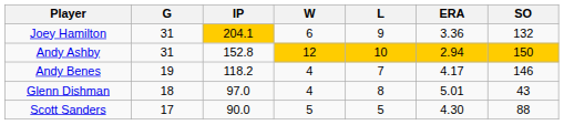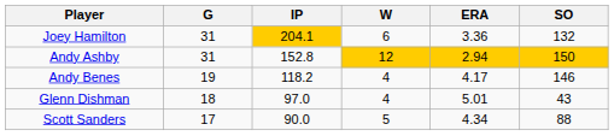 <table class="wikitable sortable">
 <tr>
 <th bgcolor="#DDDDFF" width="16%">Player</th>
 <th bgcolor="#DDDDFF" width="9%">G</th>
 <th bgcolor="#DDDDFF" width="9%">IP</th>
 <th bgcolor="#DDDDFF" width="9%">W</th>
-<th bgcolor="#DDDDFF" width="9%">L</th>
 <th bgcolor="#DDDDFF" width="9%">ERA</th>
 <th bgcolor="#DDDDFF" width="9%">SO</th>
 </tr>
 <tr align="center">
 <td><a href='#'>Joey Hamilton</a></td>
 <td>31</td>
 <td style="background:#fc0;">204.1</td>
 <td>6</td>
-<td>9</td>
 <td>3.36</td>
 <td>132</td>
 </tr>
 <tr align=center>
 <td><a href='#'>Andy Ashby</a></td>
 <td>31</td>
 <td>152.8</td>
 <td style="background:#fc0;">12</td>
-<td style="background:#fc0;">10</td>
 <td style="background:#fc0;">2.94</td>
 <td style="background:#fc0;">150</td>
 </tr>
 <tr align=center>
 <td><a href='#'>Andy Benes</a></td>
 <td>19</td>
 <td>118.2</td>
 <td>4</td>
-<td>7</td>
 <td>4.17</td>
 <td>146</td>
 </tr>
 <tr align=center>
 <td><a href='#'>Glenn Dishman</a></td>
 <td>18</td>
 <td>97.0</td>
 <td>4</td>
-<td>8</td>
 <td>5.01</td>
 <td>43</td>
 </tr>
 <tr align=center>
 <td><a href='#'>Scott Sanders</a></td>
 <td>17</td>
 <td>90.0</td>
 <td>5</td>
-<td>5</td>
-<td>4.30</td>
+<td>4.34</td>
 <td>88</td>
 </tr>
 </table>
